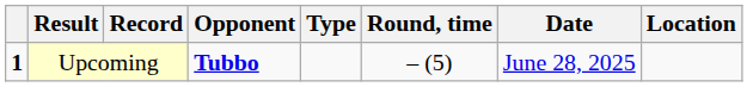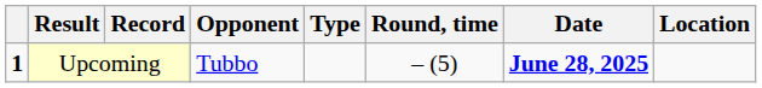 <table class="wikitable" style="text-align:center">
 <tr>
 <th></th>
 <th>Result</th>
 <th>Record</th>
 <th>Opponent</th>
 <th>Type</th>
 <th>Round, time</th>
 <th>Date</th>
 <th>Location</th>
 </tr>
 <tr>
 <td><strong>1</strong></td>
 <td colspan="2" align="center" bgcolor="#FFFFCC">Upcoming</td>
-<td style="text-align:left;"><strong><a href='#'>Tubbo</a></strong></td>
+<td style="text-align:left;"><a href='#'>Tubbo</a></td>
 <td></td>
 <td>– (5)</td>
-<td><a href='#'>June 28, 2025</a></td>
+<td><strong><a href='#'>June 28, 2025</a></strong></td>
 <td style="text-align:left;"></td>
 </tr>
 </table>
